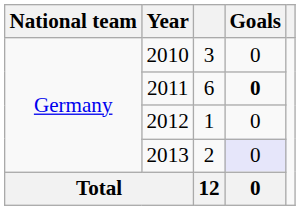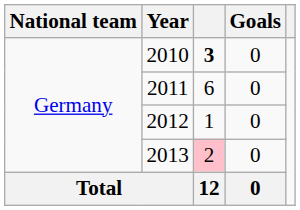 <table class="wikitable" style="text-align:center">
 <tr>
 <th>National team</th>
 <th>Year</th>
 <th></th>
 <th>Goals</th>
 <th></th>
 </tr>
 <tr>
 <td rowspan="4"><a href='#'>Germany</a></td>
 <td>2010</td>
-<td>3</td>
+<td><strong>3</strong></td>
 <td>0</td>
 <td rowspan="5"></td>
 </tr>
 <tr>
 <td>2011</td>
 <td>6</td>
-<td><strong>0</strong></td>
+<td>0</td>
 </tr>
 <tr>
 <td>2012</td>
 <td>1</td>
 <td>0</td>
 </tr>
 <tr>
 <td>2013</td>
-<td>2</td>
-<td style="background: lavender;">0</td>
+<td style="background: pink;">2</td>
+<td>0</td>
 </tr>
 <tr>
 <th colspan="2">Total</th>
 <th>12</th>
 <th>0</th>
 </tr>
 </table>
